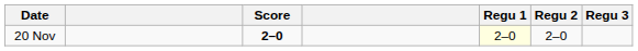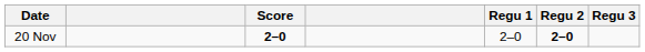 <table class="wikitable" style="text-align: center; font-size:90% ">
 <tr>
 <th width="60">Date</th>
 <th style="text-align:right; width:190px;"></th>
 <th width="60">Score</th>
 <th style="text-align:left; width:190px;"></th>
 <th width="50">Regu 1</th>
 <th width="50">Regu 2</th>
 <th width="50">Regu 3</th>
 </tr>
 <tr>
 <td>20 Nov</td>
 <td align=right><strong></strong></td>
 <td align=center><strong>2–0</strong></td>
 <td style="text-align:left"> </td>
-<td style="background: lightyellow;">2–0</td>
 <td>2–0</td>
+<td><strong>2–0</strong></td>
 </tr>
 </table>
